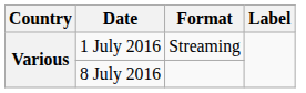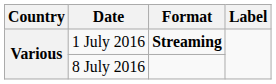 <table class="wikitable plainrowheaders">
 <tr>
 <th>Country</th>
 <th>Date</th>
 <th>Format</th>
 <th>Label</th>
 </tr>
 <tr>
 <th scope="row" rowspan="2">Various</th>
 <td>1 July 2016</td>
-<td>Streaming </td>
+<td><strong>Streaming </strong></td>
 <td rowspan="2"></td>
 </tr>
 <tr>
 <td>8 July 2016</td>
 <td></td>
 </tr>
 </table>
